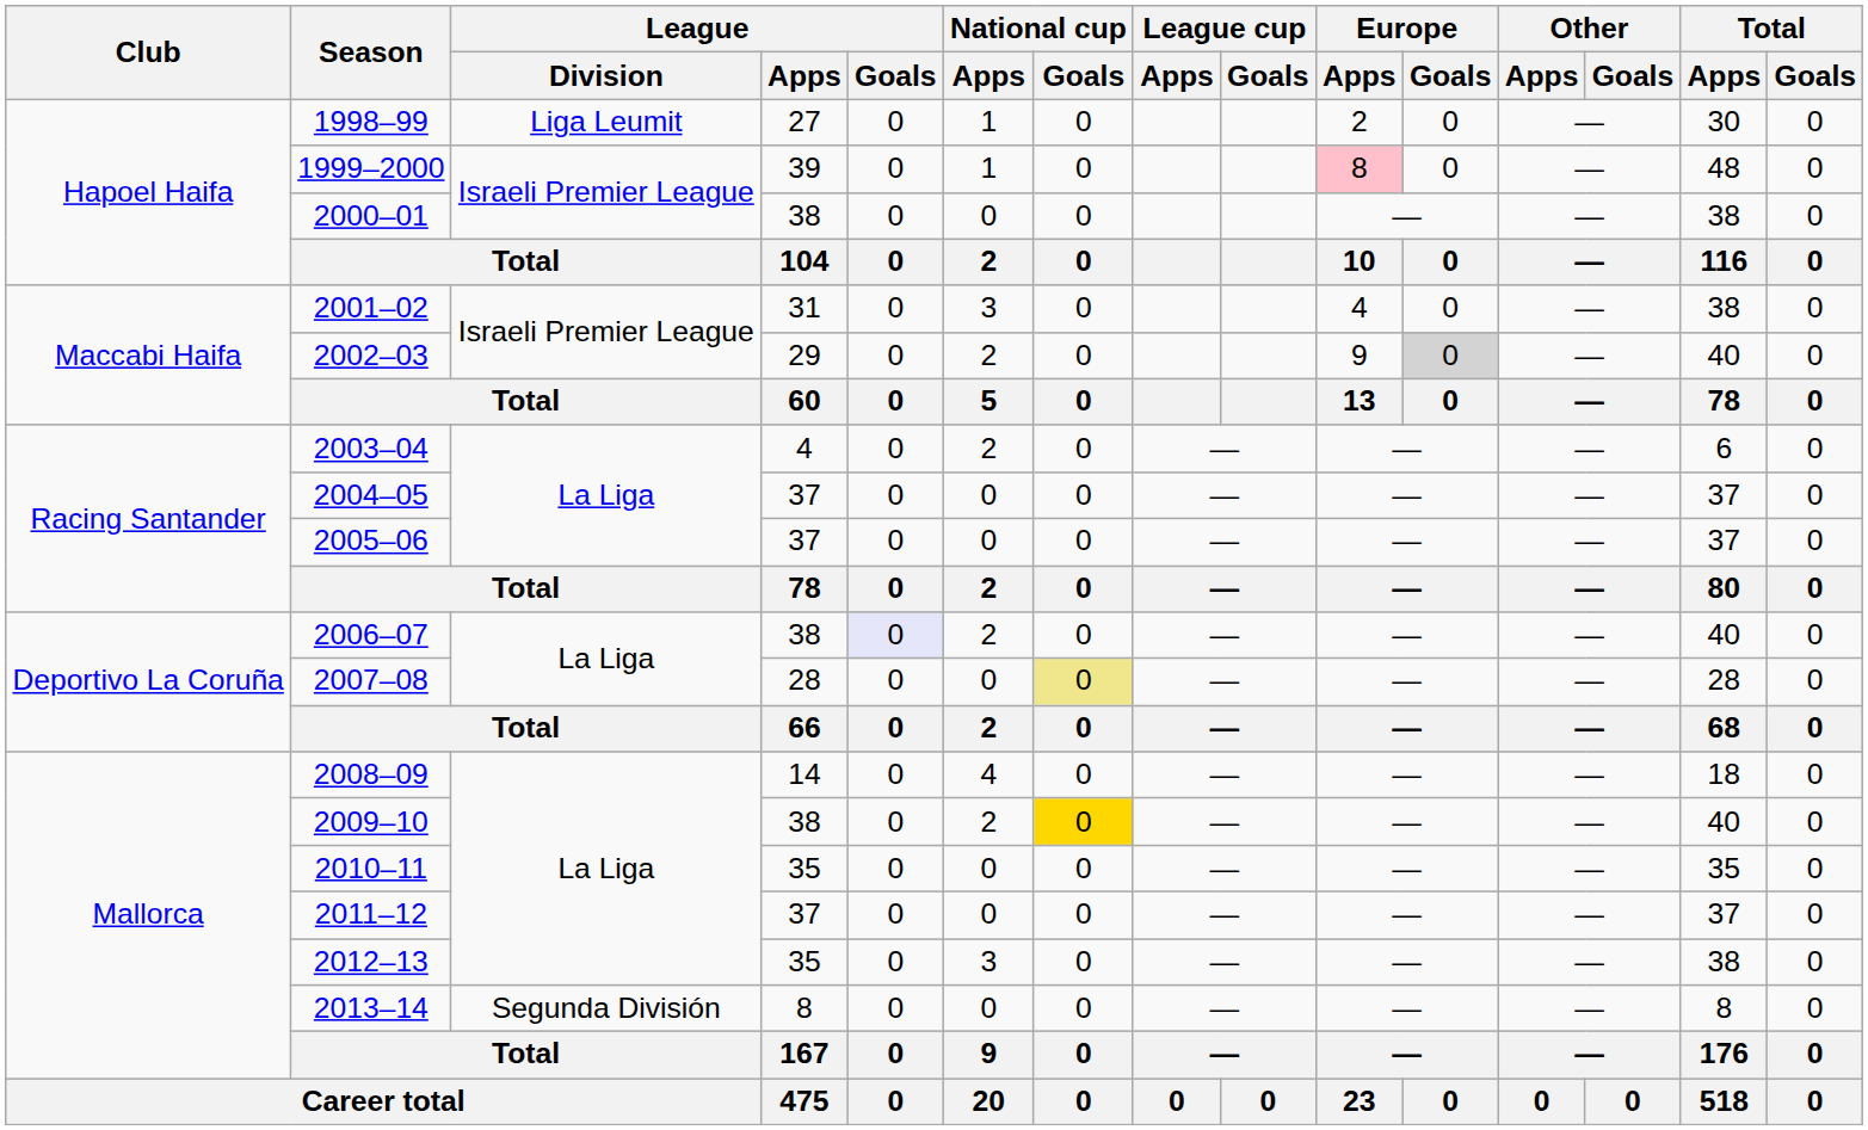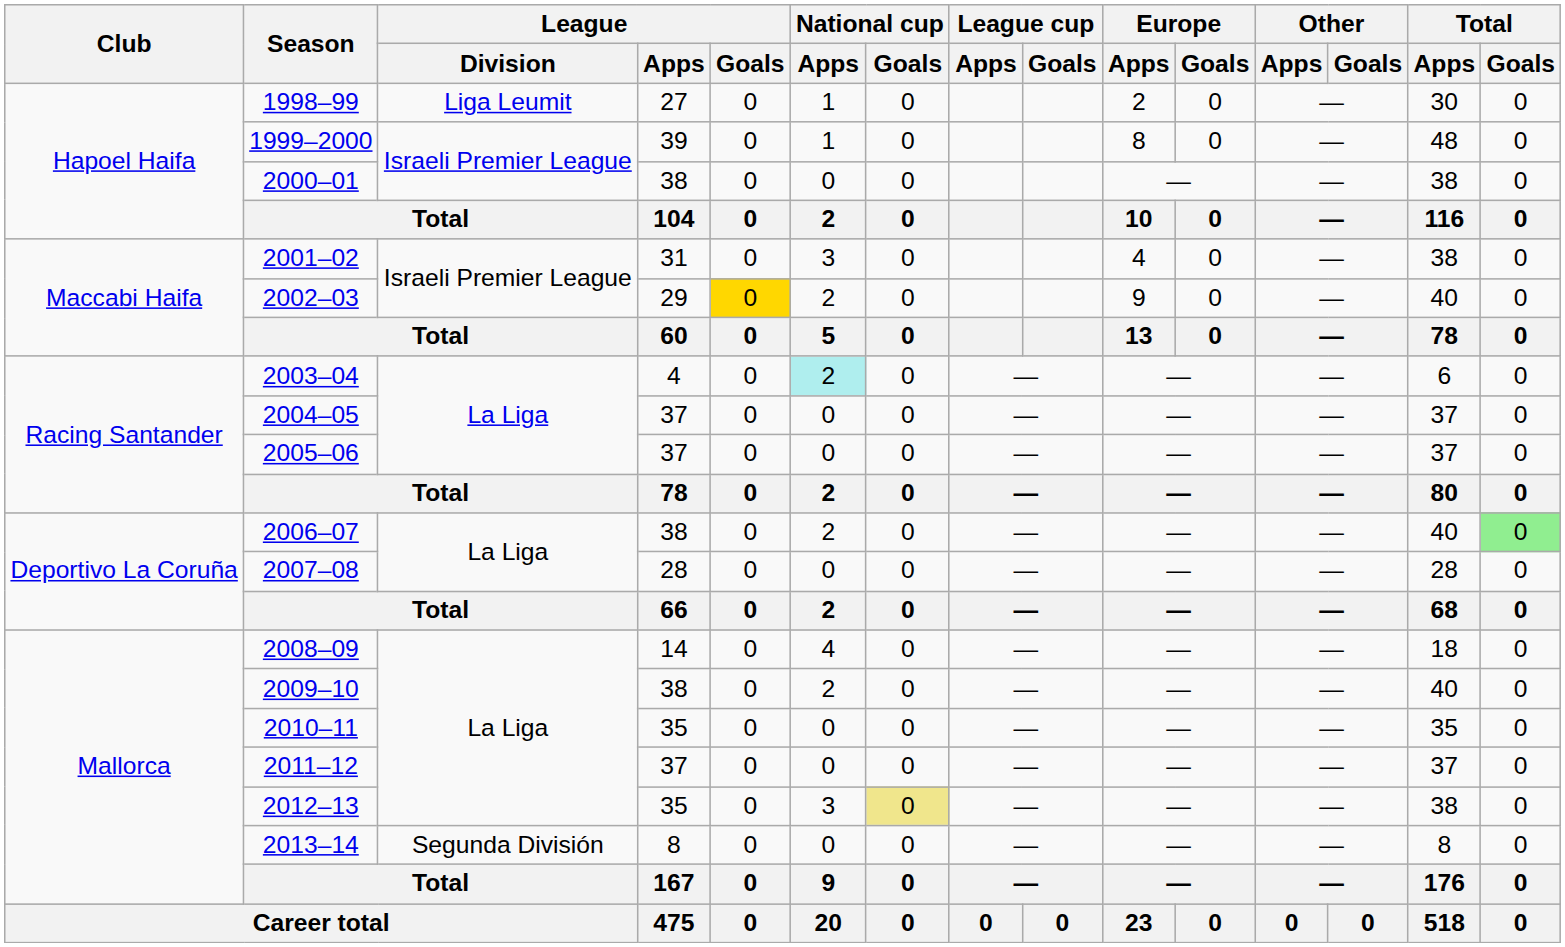 <table class="wikitable" style="text-align:center">
 <tr>
 <th rowspan="2">Club</th>
 <th rowspan="2">Season</th>
 <th colspan="3">League</th>
 <th colspan="2">National cup</th>
 <th colspan="2">League cup</th>
 <th colspan="2">Europe</th>
 <th colspan="2">Other</th>
 <th colspan="2">Total</th>
 </tr>
 <tr>
 <th>Division</th>
 <th>Apps</th>
 <th>Goals</th>
 <th>Apps</th>
 <th>Goals</th>
 <th>Apps</th>
 <th>Goals</th>
 <th>Apps</th>
 <th>Goals</th>
 <th>Apps</th>
 <th>Goals</th>
 <th>Apps</th>
 <th>Goals</th>
 </tr>
 <tr>
 <td rowspan="4"><a href='#'>Hapoel Haifa</a></td>
 <td><a href='#'>1998–99</a></td>
 <td><a href='#'>Liga Leumit</a></td>
 <td>27</td>
 <td>0</td>
 <td>1</td>
 <td>0</td>
 <td></td>
 <td></td>
 <td>2</td>
 <td>0</td>
 <td colspan="2">—</td>
 <td>30</td>
 <td>0</td>
 </tr>
 <tr>
 <td><a href='#'>1999–2000</a></td>
 <td rowspan="2"><a href='#'>Israeli Premier League</a></td>
 <td>39</td>
 <td>0</td>
 <td>1</td>
 <td>0</td>
 <td></td>
 <td></td>
-<td style="background: pink;">8</td>
+<td>8</td>
 <td>0</td>
 <td colspan="2">—</td>
 <td>48</td>
 <td>0</td>
 </tr>
 <tr>
 <td><a href='#'>2000–01</a></td>
 <td>38</td>
 <td>0</td>
 <td>0</td>
 <td>0</td>
 <td></td>
 <td></td>
 <td colspan="2">—</td>
 <td colspan="2">—</td>
 <td>38</td>
 <td>0</td>
 </tr>
 <tr>
 <th colspan="2">Total</th>
 <th>104</th>
 <th>0</th>
 <th>2</th>
 <th>0</th>
 <th></th>
 <th></th>
 <th>10</th>
 <th>0</th>
 <th colspan="2">—</th>
 <th>116</th>
 <th>0</th>
 </tr>
 <tr>
 <td rowspan="3"><a href='#'>Maccabi Haifa</a></td>
 <td><a href='#'>2001–02</a></td>
 <td rowspan="2">Israeli Premier League</td>
 <td>31</td>
 <td>0</td>
 <td>3</td>
 <td>0</td>
 <td></td>
 <td></td>
 <td>4</td>
 <td>0</td>
 <td colspan="2">—</td>
 <td>38</td>
 <td>0</td>
 </tr>
 <tr>
 <td><a href='#'>2002–03</a></td>
 <td>29</td>
-<td>0</td>
+<td style="background: gold;">0</td>
 <td>2</td>
 <td>0</td>
 <td></td>
 <td></td>
 <td>9</td>
-<td style="background: lightgrey;">0</td>
+<td>0</td>
 <td colspan="2">—</td>
 <td>40</td>
 <td>0</td>
 </tr>
 <tr>
 <th colspan="2">Total</th>
 <th>60</th>
 <th>0</th>
 <th>5</th>
 <th>0</th>
 <th></th>
 <th></th>
 <th>13</th>
 <th>0</th>
 <th colspan="2">—</th>
 <th>78</th>
 <th>0</th>
 </tr>
 <tr>
 <td rowspan="4"><a href='#'>Racing Santander</a></td>
 <td><a href='#'>2003–04</a></td>
 <td rowspan="3"><a href='#'>La Liga</a></td>
 <td>4</td>
 <td>0</td>
-<td>2</td>
+<td style="background: paleturquoise;">2</td>
 <td>0</td>
 <td colspan="2">—</td>
 <td colspan="2">—</td>
 <td colspan="2">—</td>
 <td>6</td>
 <td>0</td>
 </tr>
 <tr>
 <td><a href='#'>2004–05</a></td>
 <td>37</td>
 <td>0</td>
 <td>0</td>
 <td>0</td>
 <td colspan="2">—</td>
 <td colspan="2">—</td>
 <td colspan="2">—</td>
 <td>37</td>
 <td>0</td>
 </tr>
 <tr>
 <td><a href='#'>2005–06</a></td>
 <td>37</td>
 <td>0</td>
 <td>0</td>
 <td>0</td>
 <td colspan="2">—</td>
 <td colspan="2">—</td>
 <td colspan="2">—</td>
 <td>37</td>
 <td>0</td>
 </tr>
 <tr>
 <th colspan="2">Total</th>
 <th>78</th>
 <th>0</th>
 <th>2</th>
 <th>0</th>
 <th colspan="2">—</th>
 <th colspan="2">—</th>
 <th colspan="2">—</th>
 <th>80</th>
 <th>0</th>
 </tr>
 <tr>
 <td rowspan="3"><a href='#'>Deportivo La Coruña</a></td>
 <td><a href='#'>2006–07</a></td>
 <td rowspan="2">La Liga</td>
 <td>38</td>
-<td style="background: lavender;">0</td>
+<td>0</td>
 <td>2</td>
 <td>0</td>
 <td colspan="2">—</td>
 <td colspan="2">—</td>
 <td colspan="2">—</td>
 <td>40</td>
-<td>0</td>
+<td style="background: lightgreen;">0</td>
 </tr>
 <tr>
 <td><a href='#'>2007–08</a></td>
 <td>28</td>
 <td>0</td>
 <td>0</td>
-<td style="background: khaki;">0</td>
+<td>0</td>
 <td colspan="2">—</td>
 <td colspan="2">—</td>
 <td colspan="2">—</td>
 <td>28</td>
 <td>0</td>
 </tr>
 <tr>
 <th colspan="2">Total</th>
 <th>66</th>
 <th>0</th>
 <th>2</th>
 <th>0</th>
 <th colspan="2">—</th>
 <th colspan="2">—</th>
 <th colspan="2">—</th>
 <th>68</th>
 <th>0</th>
 </tr>
 <tr>
 <td rowspan="7"><a href='#'>Mallorca</a></td>
 <td><a href='#'>2008–09</a></td>
 <td rowspan="5">La Liga</td>
 <td>14</td>
 <td>0</td>
 <td>4</td>
 <td>0</td>
 <td colspan="2">—</td>
 <td colspan="2">—</td>
 <td colspan="2">—</td>
 <td>18</td>
 <td>0</td>
 </tr>
 <tr>
 <td><a href='#'>2009–10</a></td>
 <td>38</td>
 <td>0</td>
 <td>2</td>
-<td style="background: gold;">0</td>
+<td>0</td>
 <td colspan="2">—</td>
 <td colspan="2">—</td>
 <td colspan="2">—</td>
 <td>40</td>
 <td>0</td>
 </tr>
 <tr>
 <td><a href='#'>2010–11</a></td>
 <td>35</td>
 <td>0</td>
 <td>0</td>
 <td>0</td>
 <td colspan="2">—</td>
 <td colspan="2">—</td>
 <td colspan="2">—</td>
 <td>35</td>
 <td>0</td>
 </tr>
 <tr>
 <td><a href='#'>2011–12</a></td>
 <td>37</td>
 <td>0</td>
 <td>0</td>
 <td>0</td>
 <td colspan="2">—</td>
 <td colspan="2">—</td>
 <td colspan="2">—</td>
 <td>37</td>
 <td>0</td>
 </tr>
 <tr>
 <td><a href='#'>2012–13</a></td>
 <td>35</td>
 <td>0</td>
 <td>3</td>
-<td>0</td>
+<td style="background: khaki;">0</td>
 <td colspan="2">—</td>
 <td colspan="2">—</td>
 <td colspan="2">—</td>
 <td>38</td>
 <td>0</td>
 </tr>
 <tr>
 <td><a href='#'>2013–14</a></td>
 <td>Segunda División</td>
 <td>8</td>
 <td>0</td>
 <td>0</td>
 <td>0</td>
 <td colspan="2">—</td>
 <td colspan="2">—</td>
 <td colspan="2">—</td>
 <td>8</td>
 <td>0</td>
 </tr>
 <tr>
 <th colspan="2">Total</th>
 <th>167</th>
 <th>0</th>
 <th>9</th>
 <th>0</th>
 <th colspan="2">—</th>
 <th colspan="2">—</th>
 <th colspan="2">—</th>
 <th>176</th>
 <th>0</th>
 </tr>
 <tr>
 <th colspan="3">Career total</th>
 <th>475</th>
 <th>0</th>
 <th>20</th>
 <th>0</th>
 <th>0</th>
 <th>0</th>
 <th>23</th>
 <th>0</th>
 <th>0</th>
 <th>0</th>
 <th>518</th>
 <th>0</th>
 </tr>
 </table>
